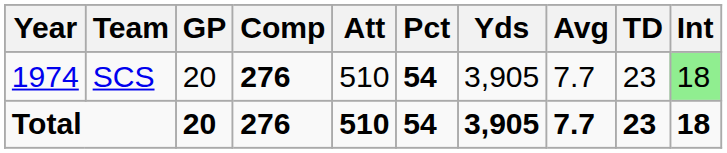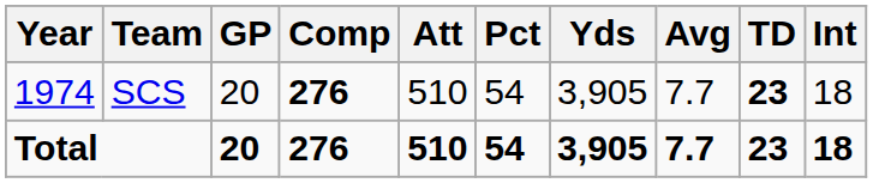 <table class="wikitable">
 <tr>
 <th>Year</th>
 <th>Team</th>
 <th>GP</th>
 <th>Comp</th>
 <th>Att</th>
 <th>Pct</th>
 <th>Yds</th>
 <th>Avg</th>
 <th>TD</th>
 <th>Int</th>
 </tr>
 <tr>
 <td><a href='#'>1974</a></td>
 <td><a href='#'>SCS</a></td>
 <td>20</td>
 <td><strong>276</strong></td>
 <td>510</td>
-<td><strong>54</strong></td>
+<td>54</td>
 <td>3,905</td>
 <td>7.7</td>
-<td>23</td>
-<td style="background: lightgreen;">18</td>
+<td><strong>23</strong></td>
+<td>18</td>
 </tr>
 <tr>
 <td colspan="2"><strong>Total</strong></td>
 <td><strong>20</strong></td>
 <td><strong>276</strong></td>
 <td><strong>510</strong></td>
 <td><strong>54</strong></td>
 <td><strong>3,905</strong></td>
 <td><strong>7.7</strong></td>
 <td><strong>23</strong></td>
 <td><strong>18</strong></td>
 </tr>
 </table>
